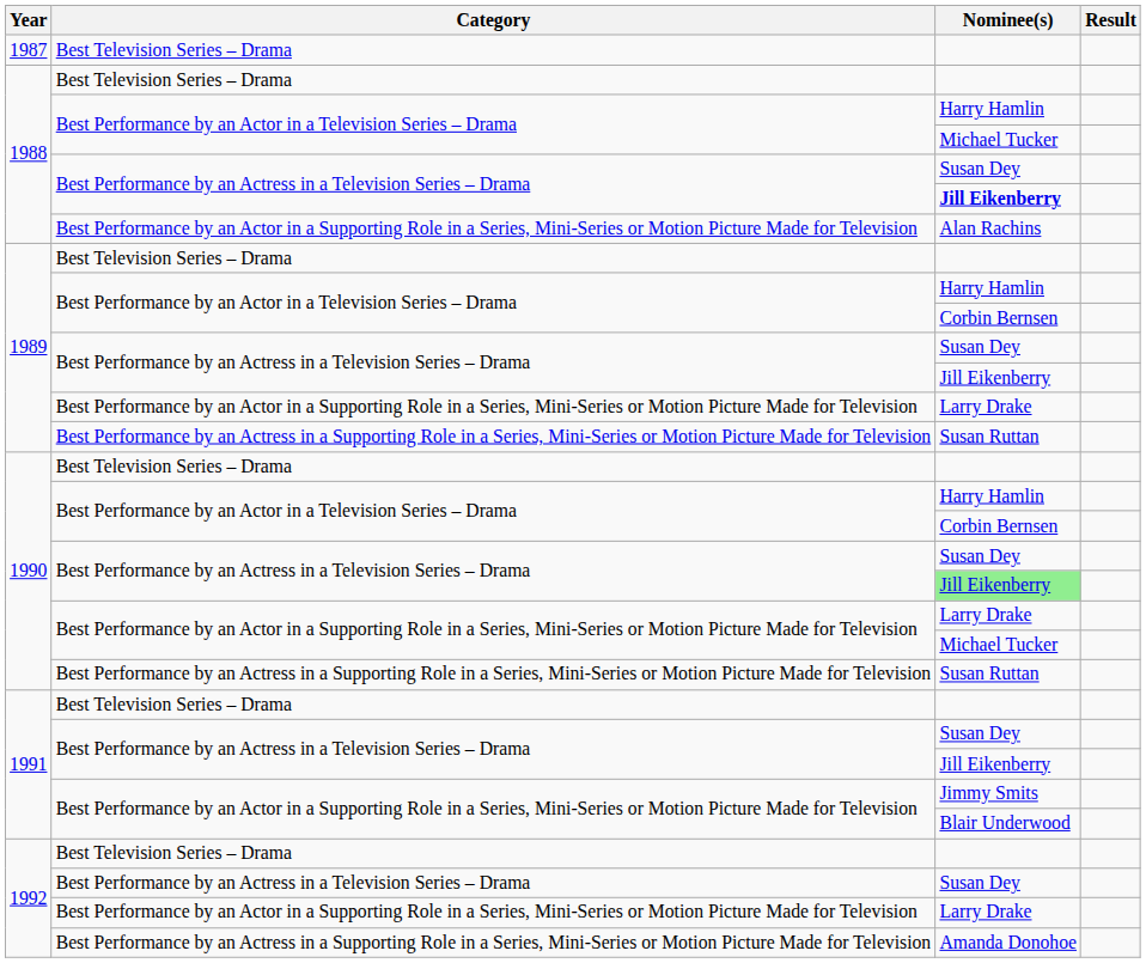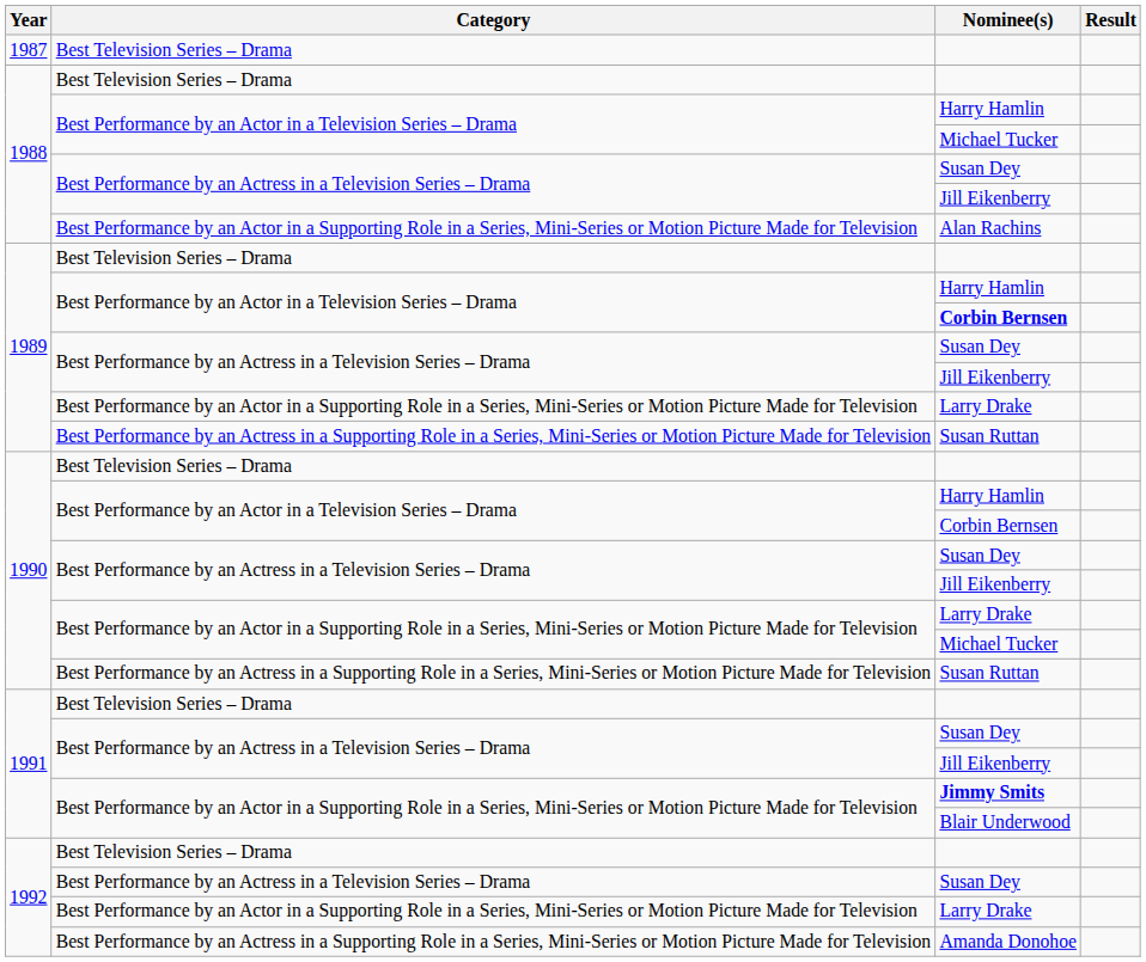 <table class="wikitable">
 <tr>
 <th>Year</th>
 <th>Category</th>
 <th>Nominee(s)</th>
 <th>Result</th>
 </tr>
 <tr>
 <td><a href='#'>1987</a></td>
 <td><a href='#'>Best Television Series – Drama</a></td>
 <td></td>
 <td></td>
 </tr>
 <tr>
 <td rowspan=6><a href='#'>1988</a></td>
 <td>Best Television Series – Drama</td>
 <td></td>
 <td></td>
 </tr>
 <tr>
 <td rowspan=2><a href='#'>Best Performance by an Actor in a Television Series – Drama</a></td>
 <td><a href='#'>Harry Hamlin</a></td>
 <td></td>
 </tr>
 <tr>
 <td><a href='#'>Michael Tucker</a></td>
 <td></td>
 </tr>
 <tr>
 <td rowspan=2><a href='#'>Best Performance by an Actress in a Television Series – Drama</a></td>
 <td><a href='#'>Susan Dey</a></td>
 <td></td>
 </tr>
 <tr>
-<td><strong><a href='#'>Jill Eikenberry</a></strong></td>
+<td><a href='#'>Jill Eikenberry</a></td>
 <td></td>
 </tr>
 <tr>
 <td><a href='#'>Best Performance by an Actor in a Supporting Role in a Series, Mini-Series or Motion Picture Made for Television</a></td>
 <td><a href='#'>Alan Rachins</a></td>
 <td></td>
 </tr>
 <tr>
 <td rowspan=7><a href='#'>1989</a></td>
 <td>Best Television Series – Drama</td>
 <td></td>
 <td></td>
 </tr>
 <tr>
 <td rowspan=2>Best Performance by an Actor in a Television Series – Drama</td>
 <td><a href='#'>Harry Hamlin</a></td>
 <td></td>
 </tr>
 <tr>
-<td><a href='#'>Corbin Bernsen</a></td>
+<td><strong><a href='#'>Corbin Bernsen</a></strong></td>
 <td></td>
 </tr>
 <tr>
 <td rowspan=2>Best Performance by an Actress in a Television Series – Drama</td>
 <td><a href='#'>Susan Dey</a></td>
 <td></td>
 </tr>
 <tr>
 <td><a href='#'>Jill Eikenberry</a></td>
 <td></td>
 </tr>
 <tr>
 <td>Best Performance by an Actor in a Supporting Role in a Series, Mini-Series or Motion Picture Made for Television</td>
 <td><a href='#'>Larry Drake</a></td>
 <td></td>
 </tr>
 <tr>
 <td><a href='#'>Best Performance by an Actress in a Supporting Role in a Series, Mini-Series or Motion Picture Made for Television</a></td>
 <td><a href='#'>Susan Ruttan</a></td>
 <td></td>
 </tr>
 <tr>
 <td rowspan=8><a href='#'>1990</a></td>
 <td>Best Television Series – Drama</td>
 <td></td>
 <td></td>
 </tr>
 <tr>
 <td rowspan=2>Best Performance by an Actor in a Television Series – Drama</td>
 <td><a href='#'>Harry Hamlin</a></td>
 <td></td>
 </tr>
 <tr>
 <td><a href='#'>Corbin Bernsen</a></td>
 <td></td>
 </tr>
 <tr>
 <td rowspan=2>Best Performance by an Actress in a Television Series – Drama</td>
 <td><a href='#'>Susan Dey</a></td>
 <td></td>
 </tr>
 <tr>
-<td style="background: lightgreen;"><a href='#'>Jill Eikenberry</a></td>
+<td><a href='#'>Jill Eikenberry</a></td>
 <td></td>
 </tr>
 <tr>
 <td rowspan=2>Best Performance by an Actor in a Supporting Role in a Series, Mini-Series or Motion Picture Made for Television</td>
 <td><a href='#'>Larry Drake</a></td>
 <td></td>
 </tr>
 <tr>
 <td><a href='#'>Michael Tucker</a></td>
 <td></td>
 </tr>
 <tr>
 <td>Best Performance by an Actress in a Supporting Role in a Series, Mini-Series or Motion Picture Made for Television</td>
 <td><a href='#'>Susan Ruttan</a></td>
 <td></td>
 </tr>
 <tr>
 <td rowspan=5><a href='#'>1991</a></td>
 <td>Best Television Series – Drama</td>
 <td></td>
 <td></td>
 </tr>
 <tr>
 <td rowspan=2>Best Performance by an Actress in a Television Series – Drama</td>
 <td><a href='#'>Susan Dey</a></td>
 <td></td>
 </tr>
 <tr>
 <td><a href='#'>Jill Eikenberry</a></td>
 <td></td>
 </tr>
 <tr>
 <td rowspan=2>Best Performance by an Actor in a Supporting Role in a Series, Mini-Series or Motion Picture Made for Television</td>
-<td><a href='#'>Jimmy Smits</a></td>
+<td><strong><a href='#'>Jimmy Smits</a></strong></td>
 <td></td>
 </tr>
 <tr>
 <td><a href='#'>Blair Underwood</a></td>
 <td></td>
 </tr>
 <tr>
 <td rowspan=4><a href='#'>1992</a></td>
 <td>Best Television Series – Drama</td>
 <td></td>
 <td></td>
 </tr>
 <tr>
 <td>Best Performance by an Actress in a Television Series – Drama</td>
 <td><a href='#'>Susan Dey</a></td>
 <td></td>
 </tr>
 <tr>
 <td>Best Performance by an Actor in a Supporting Role in a Series, Mini-Series or Motion Picture Made for Television</td>
 <td><a href='#'>Larry Drake</a></td>
 <td></td>
 </tr>
 <tr>
 <td>Best Performance by an Actress in a Supporting Role in a Series, Mini-Series or Motion Picture Made for Television</td>
 <td><a href='#'>Amanda Donohoe</a></td>
 <td></td>
 </tr>
 </table>
